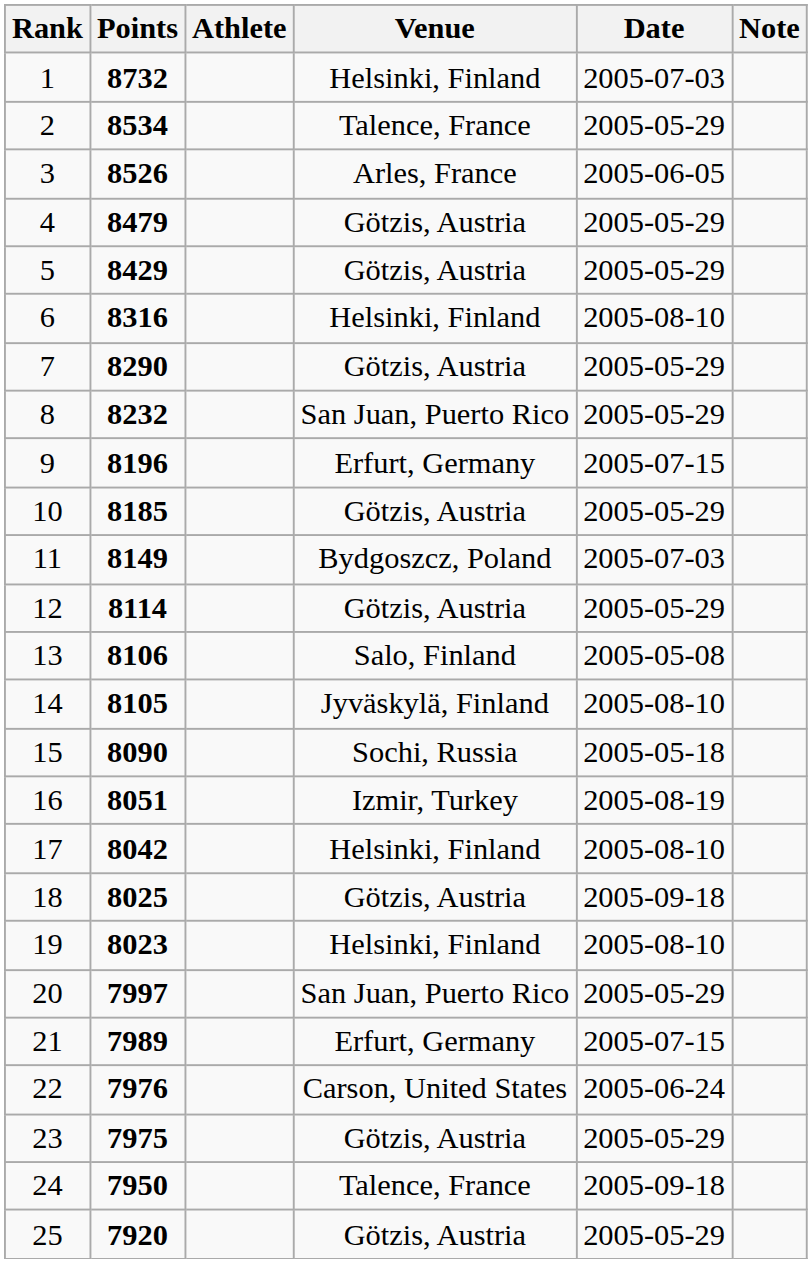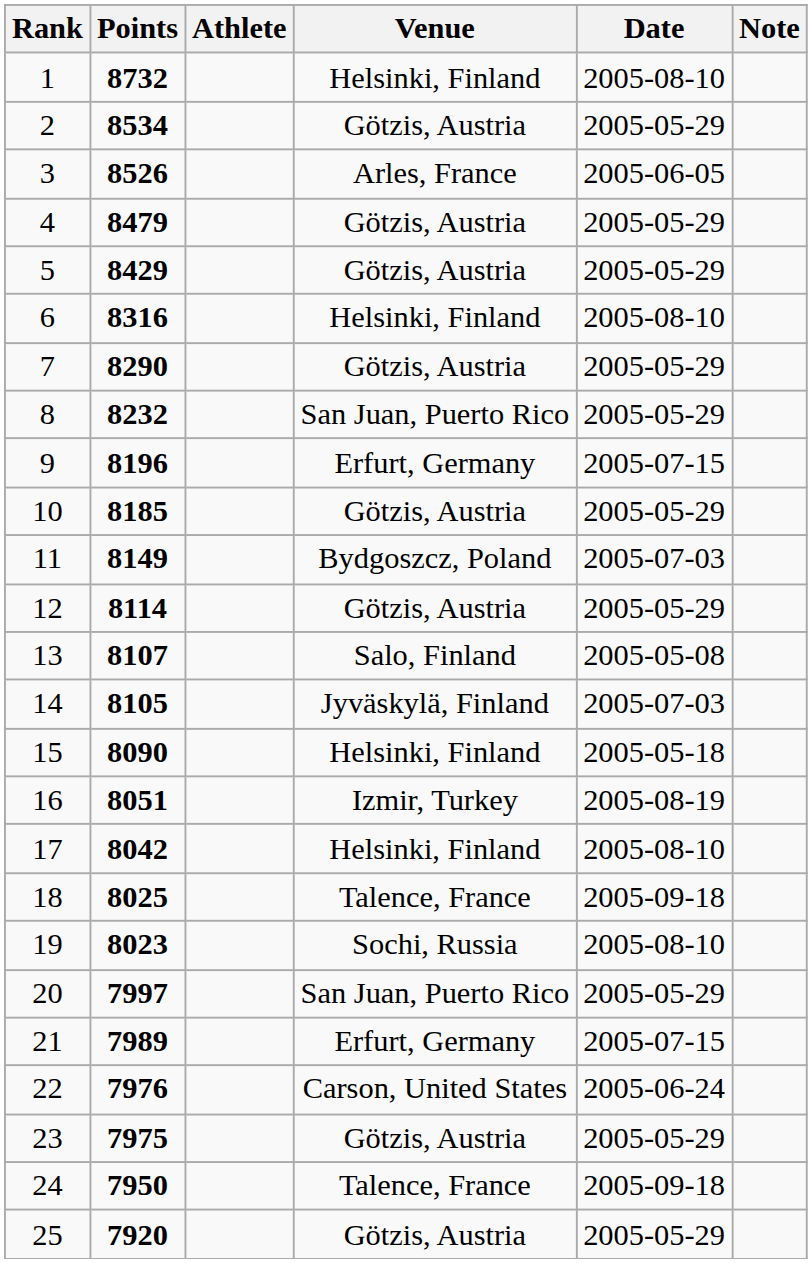 <table class="wikitable" style=" text-align:center;">
 <tr>
 <th>Rank</th>
 <th>Points</th>
 <th>Athlete</th>
 <th>Venue</th>
 <th>Date</th>
 <th>Note</th>
 </tr>
 <tr>
 <td>1</td>
 <td><strong>8732</strong></td>
 <td align=left></td>
 <td>Helsinki, Finland</td>
-<td>2005-07-03</td>
+<td>2005-08-10</td>
 <td></td>
 </tr>
 <tr>
 <td>2</td>
 <td><strong>8534</strong></td>
 <td align=left></td>
-<td>Talence, France</td>
+<td>Götzis, Austria</td>
 <td>2005-05-29</td>
 <td></td>
 </tr>
 <tr>
 <td>3</td>
 <td><strong>8526</strong></td>
 <td align=left></td>
 <td>Arles, France</td>
 <td>2005-06-05</td>
 <td></td>
 </tr>
 <tr>
 <td>4</td>
 <td><strong>8479</strong></td>
 <td align=left></td>
 <td>Götzis, Austria</td>
 <td>2005-05-29</td>
 <td></td>
 </tr>
 <tr>
 <td>5</td>
 <td><strong>8429</strong></td>
 <td align=left></td>
 <td>Götzis, Austria</td>
 <td>2005-05-29</td>
 <td></td>
 </tr>
 <tr>
 <td>6</td>
 <td><strong>8316</strong></td>
 <td align=left></td>
 <td>Helsinki, Finland</td>
 <td>2005-08-10</td>
 <td></td>
 </tr>
 <tr>
 <td>7</td>
 <td><strong>8290</strong></td>
 <td align=left></td>
 <td>Götzis, Austria</td>
 <td>2005-05-29</td>
 <td></td>
 </tr>
 <tr>
 <td>8</td>
 <td><strong>8232</strong></td>
 <td align=left></td>
 <td>San Juan, Puerto Rico</td>
 <td>2005-05-29</td>
 <td></td>
 </tr>
 <tr>
 <td>9</td>
 <td><strong>8196</strong></td>
 <td align=left></td>
 <td>Erfurt, Germany</td>
 <td>2005-07-15</td>
 <td></td>
 </tr>
 <tr>
 <td>10</td>
 <td><strong>8185</strong></td>
 <td align=left></td>
 <td>Götzis, Austria</td>
 <td>2005-05-29</td>
 <td></td>
 </tr>
 <tr>
 <td>11</td>
 <td><strong>8149</strong></td>
 <td align=left></td>
 <td>Bydgoszcz, Poland</td>
 <td>2005-07-03</td>
 <td></td>
 </tr>
 <tr>
 <td>12</td>
 <td><strong>8114</strong></td>
 <td align=left></td>
 <td>Götzis, Austria</td>
 <td>2005-05-29</td>
 <td></td>
 </tr>
 <tr>
 <td>13</td>
-<td><strong>8106</strong></td>
+<td><strong>8107</strong></td>
 <td align=left></td>
 <td>Salo, Finland</td>
 <td>2005-05-08</td>
 <td></td>
 </tr>
 <tr>
 <td>14</td>
 <td><strong>8105</strong></td>
 <td align=left></td>
 <td>Jyväskylä, Finland</td>
-<td>2005-08-10</td>
+<td>2005-07-03</td>
 <td></td>
 </tr>
 <tr>
 <td>15</td>
 <td><strong>8090</strong></td>
 <td align=left></td>
-<td>Sochi, Russia</td>
+<td>Helsinki, Finland</td>
 <td>2005-05-18</td>
 <td></td>
 </tr>
 <tr>
 <td>16</td>
 <td><strong>8051</strong></td>
 <td align=left></td>
 <td>Izmir, Turkey</td>
 <td>2005-08-19</td>
 <td></td>
 </tr>
 <tr>
 <td>17</td>
 <td><strong>8042</strong></td>
 <td align=left></td>
 <td>Helsinki, Finland</td>
 <td>2005-08-10</td>
 <td></td>
 </tr>
 <tr>
 <td>18</td>
 <td><strong>8025</strong></td>
 <td align=left></td>
-<td>Götzis, Austria</td>
+<td>Talence, France</td>
 <td>2005-09-18</td>
 <td></td>
 </tr>
 <tr>
 <td>19</td>
 <td><strong>8023</strong></td>
 <td align=left></td>
-<td>Helsinki, Finland</td>
+<td>Sochi, Russia</td>
 <td>2005-08-10</td>
 <td></td>
 </tr>
 <tr>
 <td>20</td>
 <td><strong>7997</strong></td>
 <td align=left></td>
 <td>San Juan, Puerto Rico</td>
 <td>2005-05-29</td>
 <td></td>
 </tr>
 <tr>
 <td>21</td>
 <td><strong>7989</strong></td>
 <td align=left></td>
 <td>Erfurt, Germany</td>
 <td>2005-07-15</td>
 <td></td>
 </tr>
 <tr>
 <td>22</td>
 <td><strong>7976</strong></td>
 <td align=left></td>
 <td>Carson, United States</td>
 <td>2005-06-24</td>
 <td></td>
 </tr>
 <tr>
 <td>23</td>
 <td><strong>7975</strong></td>
 <td align=left></td>
 <td>Götzis, Austria</td>
 <td>2005-05-29</td>
 <td></td>
 </tr>
 <tr>
 <td>24</td>
 <td><strong>7950</strong></td>
 <td align=left></td>
 <td>Talence, France</td>
 <td>2005-09-18</td>
 <td></td>
 </tr>
 <tr>
 <td>25</td>
 <td><strong>7920</strong></td>
 <td align=left></td>
 <td>Götzis, Austria</td>
 <td>2005-05-29</td>
 <td></td>
 </tr>
 </table>
